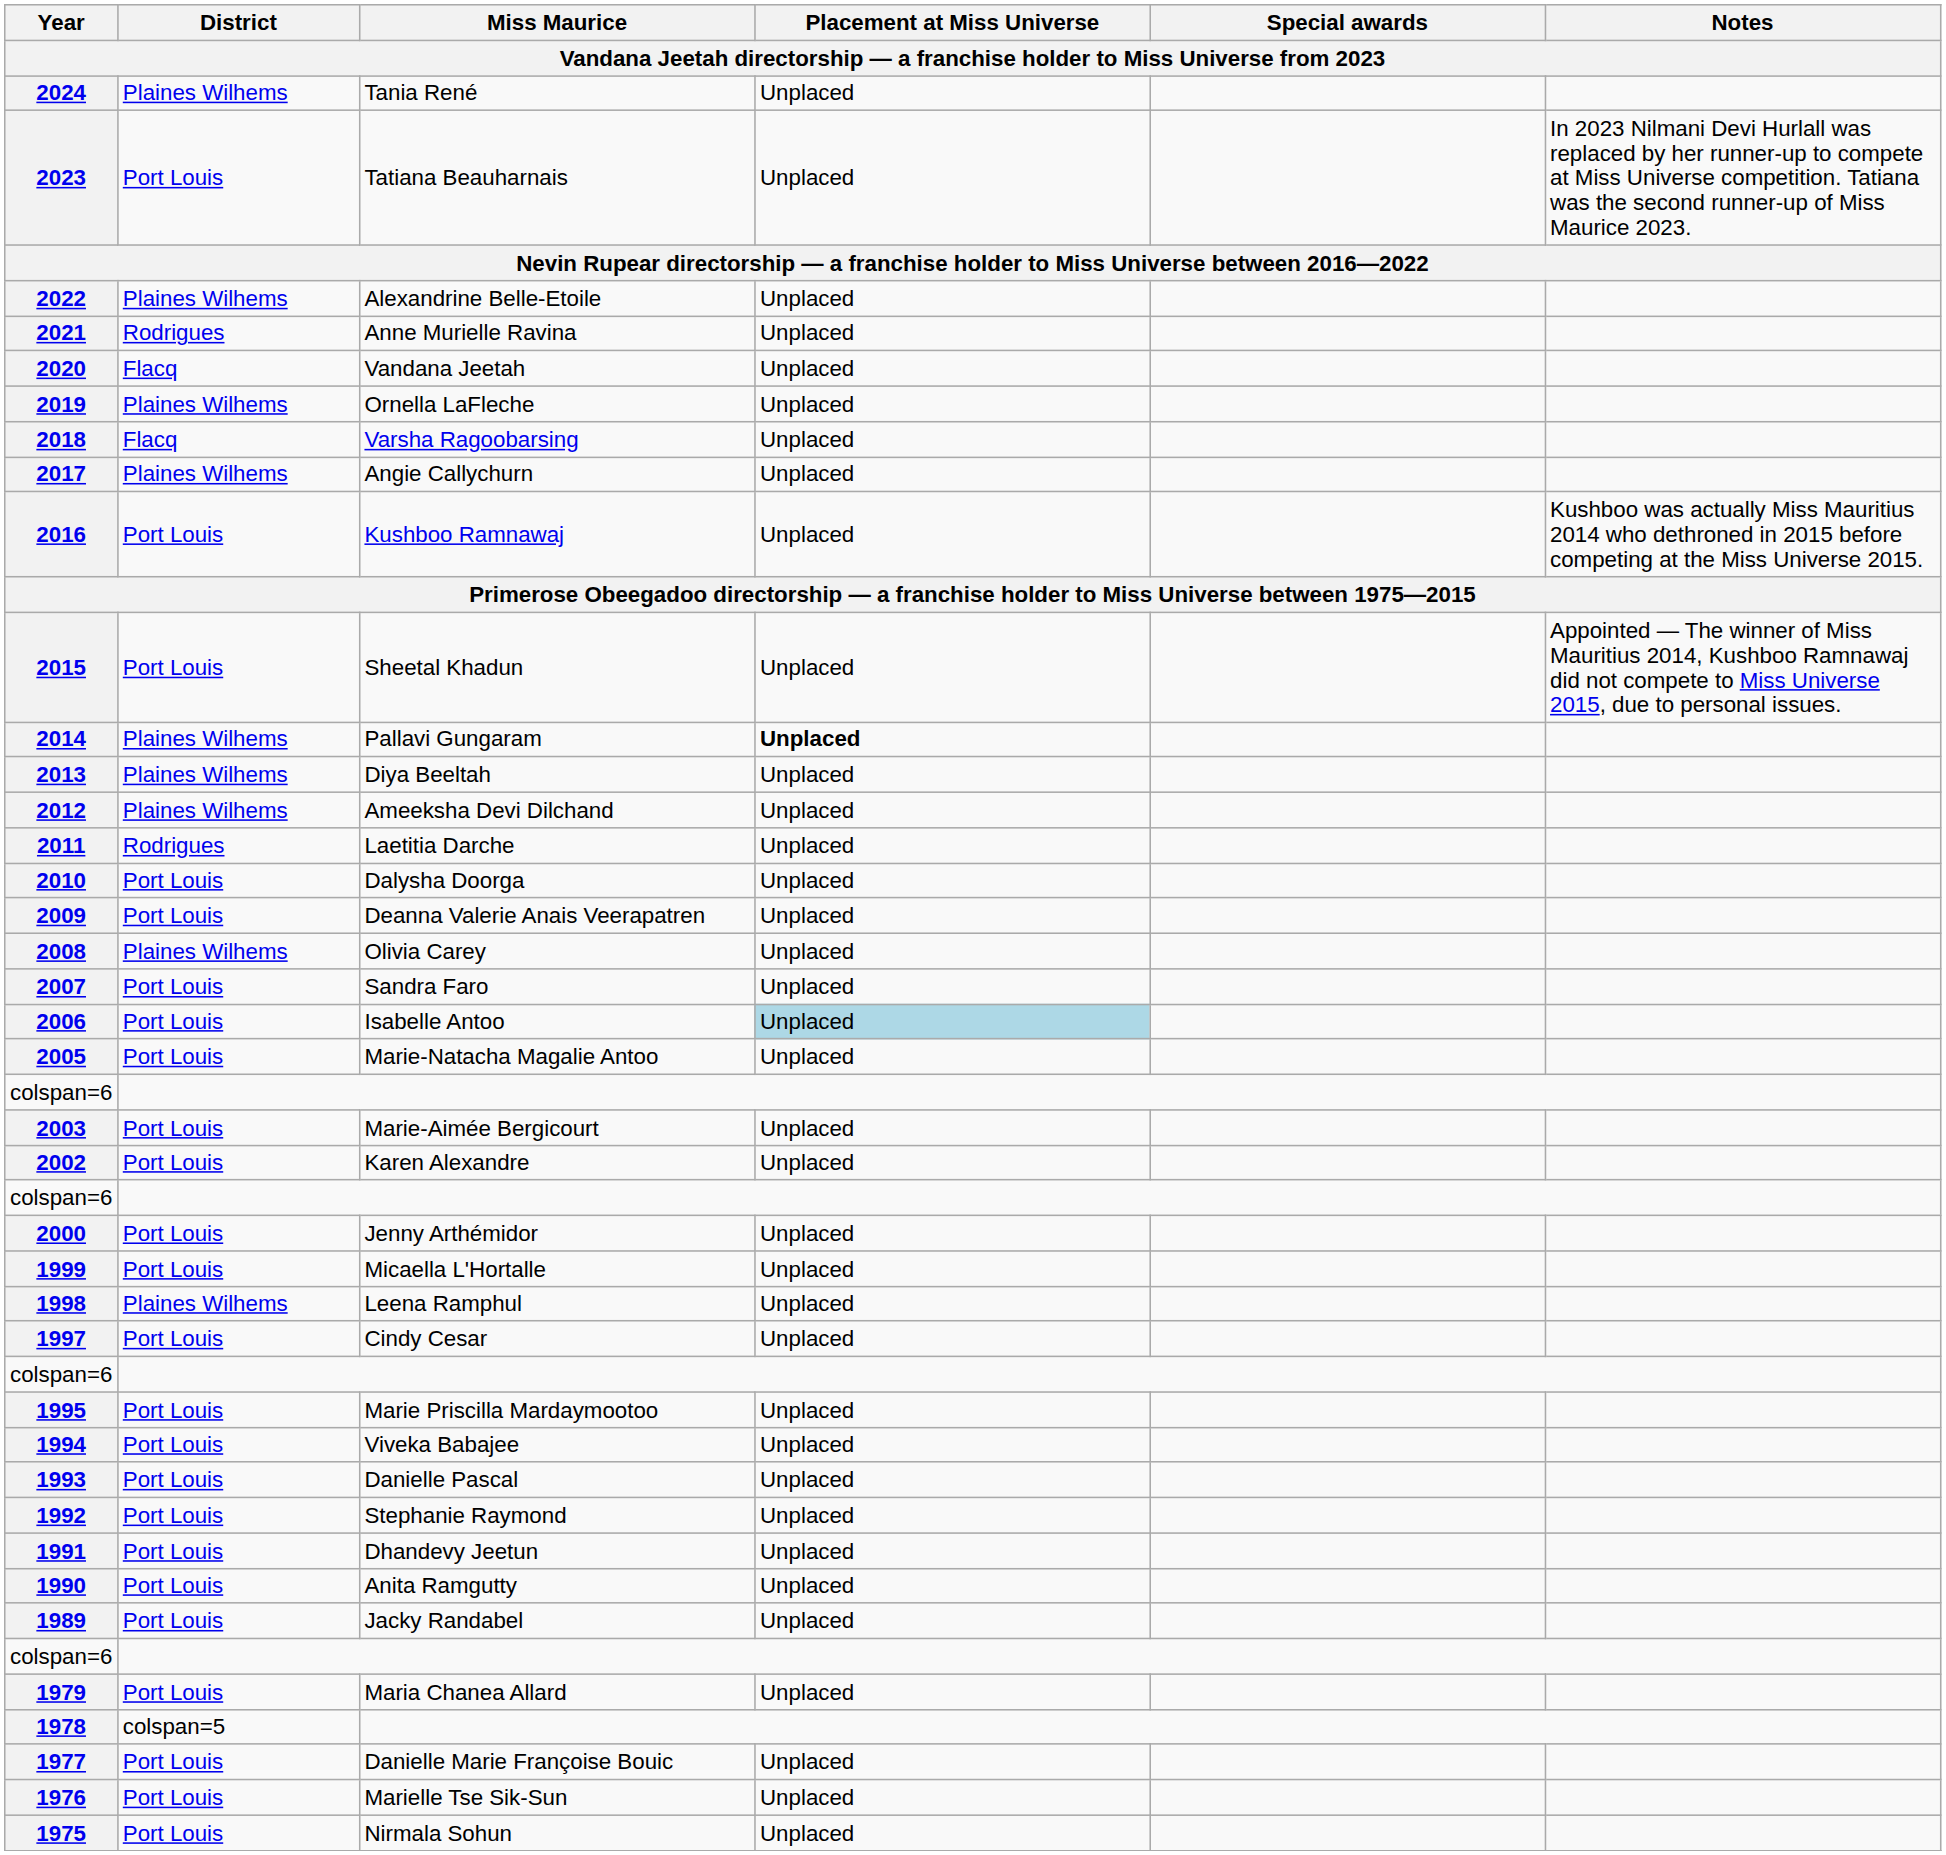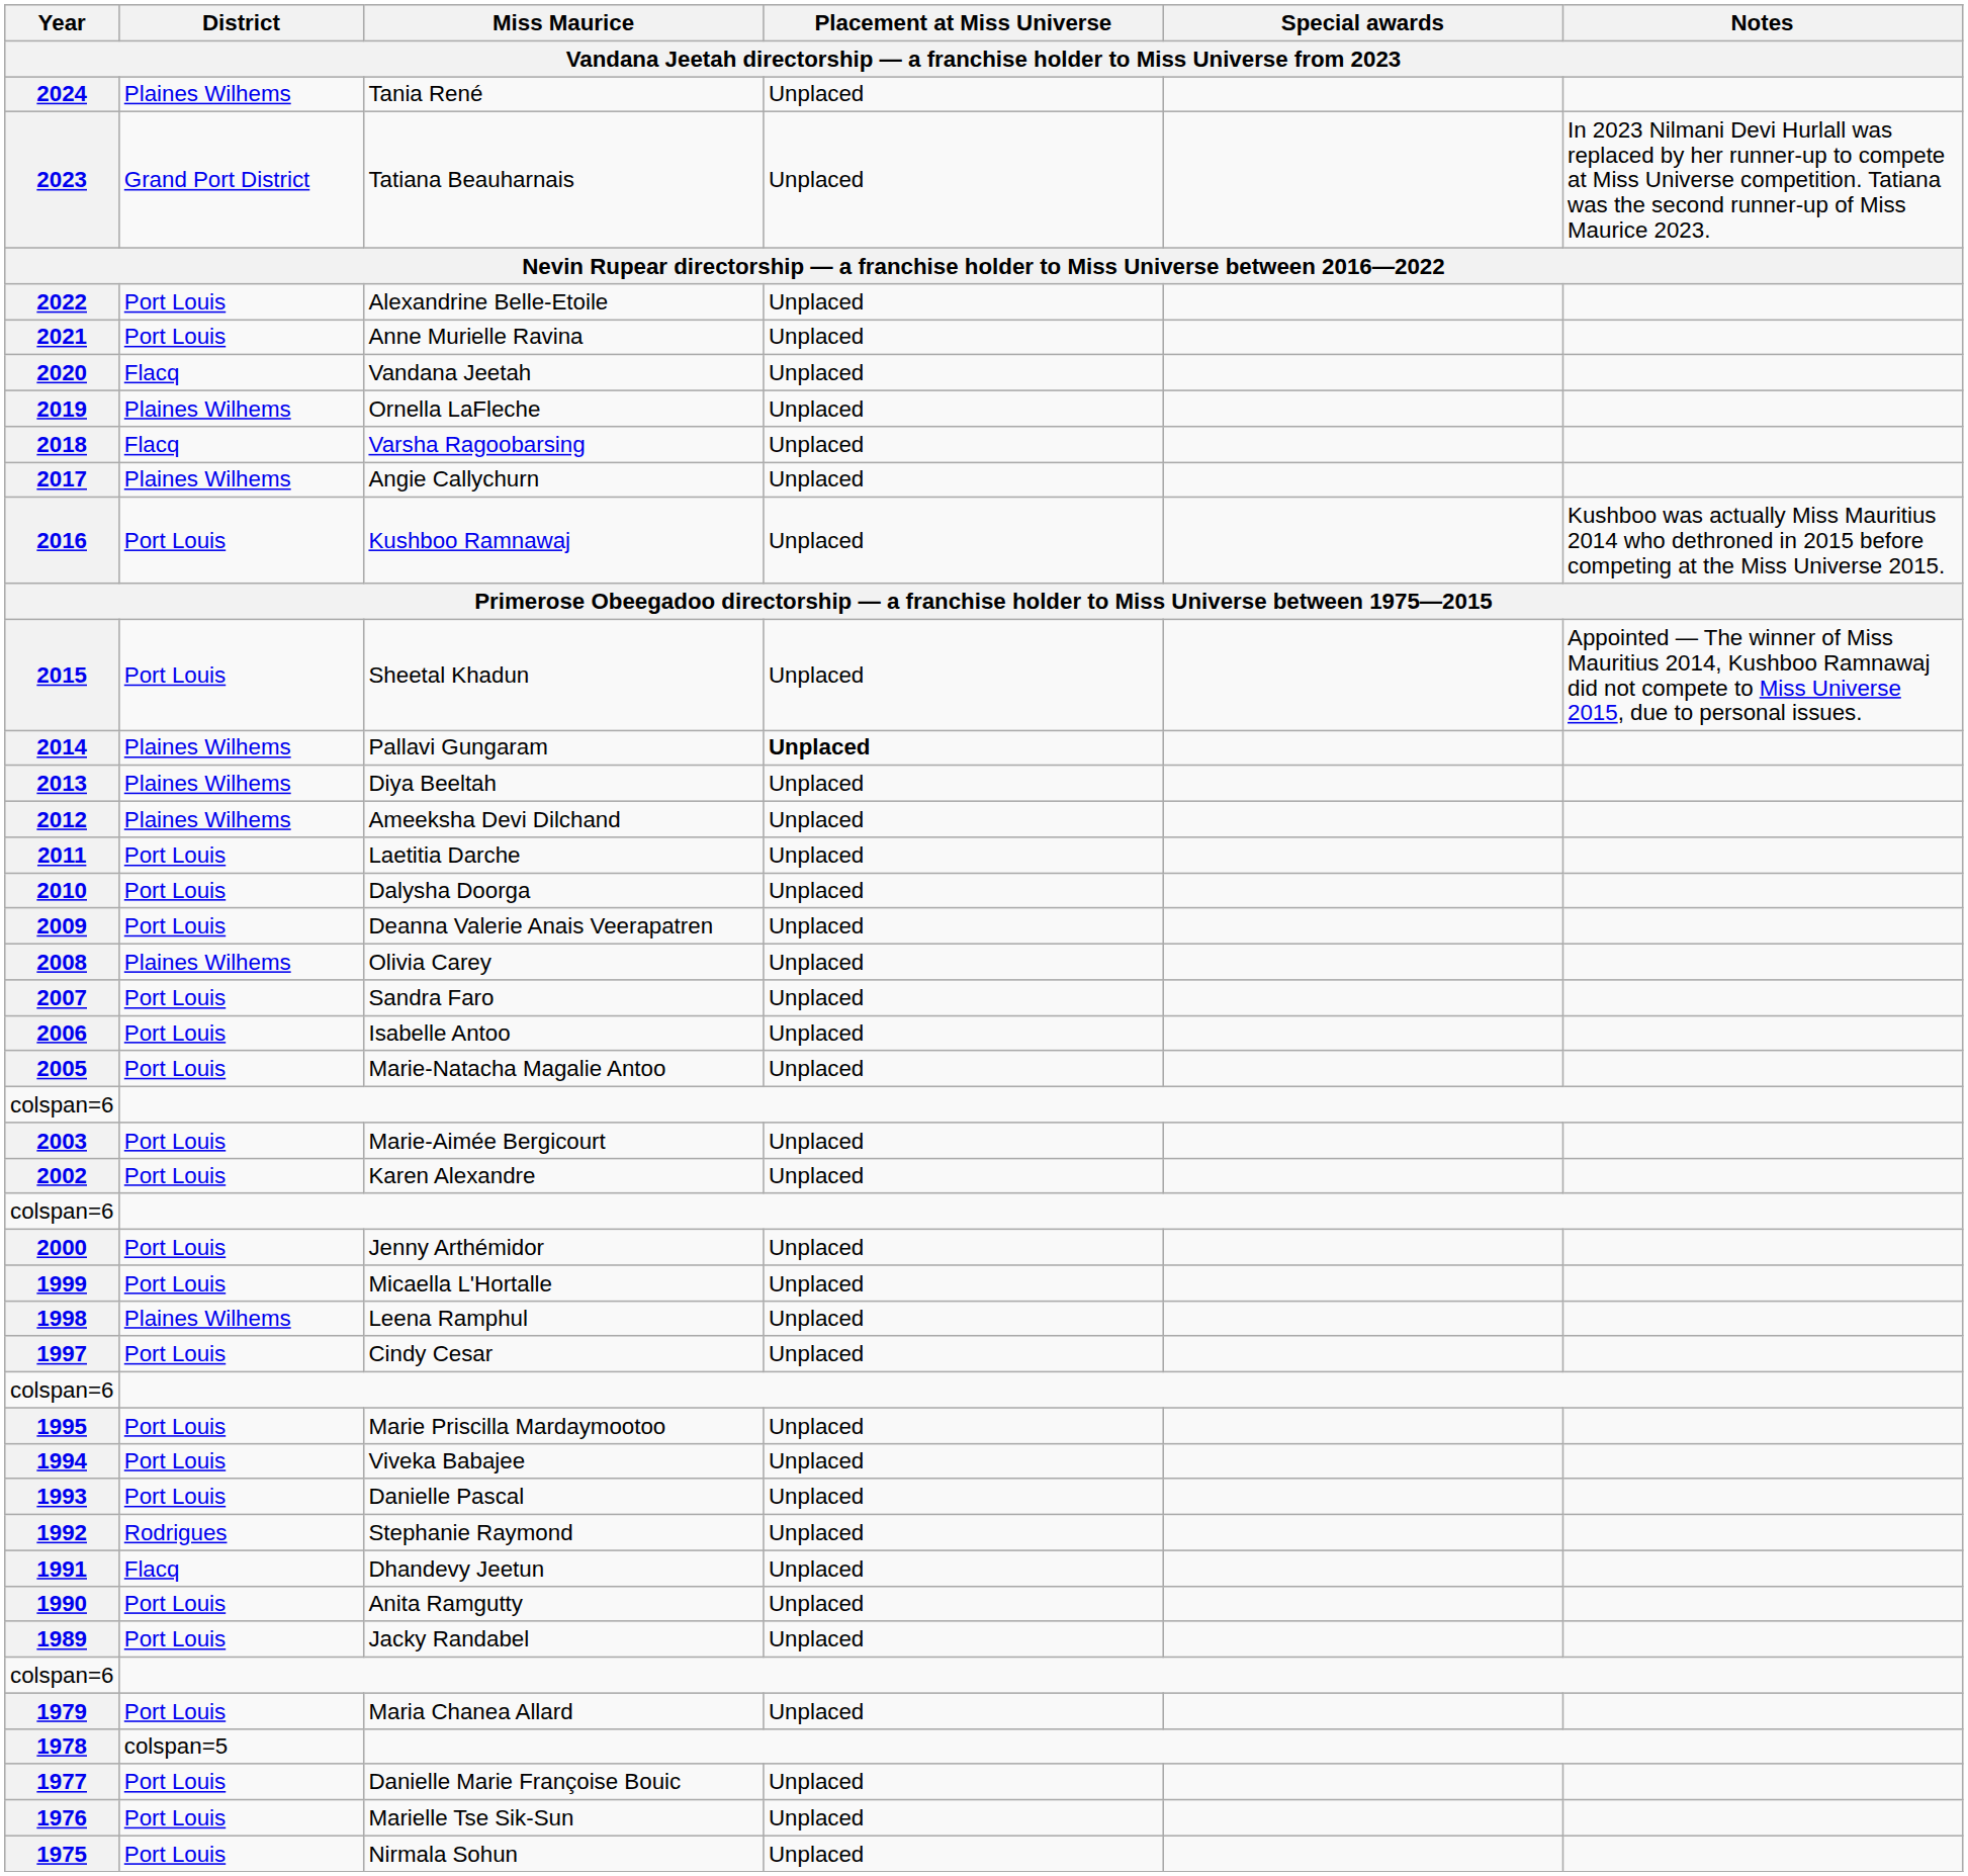 <table class="wikitable " style="font-size: 90%;">
 <tr>
 <th width="60">Year</th>
 <th width="150">District</th>
 <th width="250">Miss Maurice</th>
 <th width="250">Placement at Miss Universe</th>
 <th width="250">Special awards</th>
 <th width="250">Notes</th>
 </tr>
 <tr>
 <th colspan="6">Vandana Jeetah directorship — a franchise holder to Miss Universe from 2023</th>
 </tr>
 <tr>
 <th><a href='#'>2024</a></th>
 <td><a href='#'>Plaines Wilhems</a></td>
 <td>Tania René</td>
 <td>Unplaced</td>
 <td></td>
 <td></td>
 </tr>
 <tr>
 <th><a href='#'>2023</a></th>
-<td><a href='#'>Port Louis</a></td>
+<td><a href='#'>Grand Port District</a></td>
 <td>Tatiana Beauharnais</td>
 <td>Unplaced</td>
 <td></td>
 <td>In 2023 Nilmani Devi Hurlall was replaced by her runner-up to compete at Miss Universe competition. Tatiana was the second runner-up of Miss Maurice 2023.</td>
 </tr>
 <tr>
 <th colspan="6">Nevin Rupear directorship — a franchise holder to Miss Universe between 2016―2022</th>
 </tr>
 <tr>
 <th><a href='#'>2022</a></th>
-<td><a href='#'>Plaines Wilhems</a></td>
+<td><a href='#'>Port Louis</a></td>
 <td>Alexandrine Belle-Etoile</td>
 <td>Unplaced</td>
 <td></td>
 <td></td>
 </tr>
 <tr>
 <th><a href='#'>2021</a></th>
-<td><a href='#'>Rodrigues</a></td>
+<td><a href='#'>Port Louis</a></td>
 <td>Anne Murielle Ravina</td>
 <td>Unplaced</td>
 <td></td>
 <td></td>
 </tr>
 <tr>
 <th><a href='#'>2020</a></th>
 <td><a href='#'>Flacq</a></td>
 <td>Vandana Jeetah</td>
 <td>Unplaced</td>
 <td></td>
 <td></td>
 </tr>
 <tr>
 <th><a href='#'>2019</a></th>
 <td><a href='#'>Plaines Wilhems</a></td>
 <td>Ornella LaFleche</td>
 <td>Unplaced</td>
 <td></td>
 <td></td>
 </tr>
 <tr>
 <th><a href='#'>2018</a></th>
 <td><a href='#'>Flacq</a></td>
 <td><a href='#'>Varsha Ragoobarsing</a></td>
 <td>Unplaced</td>
 <td></td>
 <td></td>
 </tr>
 <tr>
 <th><a href='#'>2017</a></th>
 <td><a href='#'>Plaines Wilhems</a></td>
 <td>Angie Callychurn</td>
 <td>Unplaced</td>
 <td></td>
 <td></td>
 </tr>
 <tr>
 <th><a href='#'>2016</a></th>
 <td><a href='#'>Port Louis</a></td>
 <td><a href='#'>Kushboo Ramnawaj</a></td>
 <td>Unplaced</td>
 <td></td>
 <td>Kushboo was actually Miss Mauritius 2014 who dethroned in 2015 before competing at the Miss Universe 2015.</td>
 </tr>
 <tr>
 <th colspan="6">Primerose Obeegadoo directorship — a franchise holder to Miss Universe between 1975―2015</th>
 </tr>
 <tr>
 <th><a href='#'>2015</a></th>
 <td><a href='#'>Port Louis</a></td>
 <td>Sheetal Khadun</td>
 <td>Unplaced</td>
 <td></td>
 <td>Appointed — The winner of Miss Mauritius 2014, Kushboo Ramnawaj did not compete to <a href='#'>Miss Universe 2015</a>, due to personal issues.</td>
 </tr>
 <tr>
 <th><a href='#'>2014</a></th>
 <td><a href='#'>Plaines Wilhems</a></td>
 <td>Pallavi Gungaram</td>
 <td><strong>Unplaced</strong></td>
 <td></td>
 <td></td>
 </tr>
 <tr>
 <th><a href='#'>2013</a></th>
 <td><a href='#'>Plaines Wilhems</a></td>
 <td>Diya Beeltah</td>
 <td>Unplaced</td>
 <td></td>
 <td></td>
 </tr>
 <tr>
 <th><a href='#'>2012</a></th>
 <td><a href='#'>Plaines Wilhems</a></td>
 <td>Ameeksha Devi Dilchand</td>
 <td>Unplaced</td>
 <td></td>
 <td></td>
 </tr>
 <tr>
 <th><a href='#'>2011</a></th>
-<td><a href='#'>Rodrigues</a></td>
+<td><a href='#'>Port Louis</a></td>
 <td>Laetitia Darche</td>
 <td>Unplaced</td>
 <td></td>
 <td></td>
 </tr>
 <tr>
 <th><a href='#'>2010</a></th>
 <td><a href='#'>Port Louis</a></td>
 <td>Dalysha Doorga</td>
 <td>Unplaced</td>
 <td></td>
 <td></td>
 </tr>
 <tr>
 <th><a href='#'>2009</a></th>
 <td><a href='#'>Port Louis</a></td>
 <td>Deanna Valerie Anais Veerapatren</td>
 <td>Unplaced</td>
 <td></td>
 <td></td>
 </tr>
 <tr>
 <th><a href='#'>2008</a></th>
 <td><a href='#'>Plaines Wilhems</a></td>
 <td>Olivia Carey</td>
 <td>Unplaced</td>
 <td></td>
 <td></td>
 </tr>
 <tr>
 <th><a href='#'>2007</a></th>
 <td><a href='#'>Port Louis</a></td>
 <td>Sandra Faro</td>
 <td>Unplaced</td>
 <td></td>
 <td></td>
 </tr>
 <tr>
 <th><a href='#'>2006</a></th>
 <td><a href='#'>Port Louis</a></td>
 <td>Isabelle Antoo</td>
-<td style="background: lightblue;">Unplaced</td>
+<td>Unplaced</td>
 <td></td>
 <td></td>
 </tr>
 <tr>
 <th><a href='#'>2005</a></th>
 <td><a href='#'>Port Louis</a></td>
 <td>Marie-Natacha Magalie Antoo</td>
 <td>Unplaced</td>
 <td></td>
 <td></td>
 </tr>
 <tr>
 <td>colspan=6 </td>
 </tr>
 <tr>
 <th><a href='#'>2003</a></th>
 <td><a href='#'>Port Louis</a></td>
 <td>Marie-Aimée Bergicourt</td>
 <td>Unplaced</td>
 <td></td>
 <td></td>
 </tr>
 <tr>
 <th><a href='#'>2002</a></th>
 <td><a href='#'>Port Louis</a></td>
 <td>Karen Alexandre</td>
 <td>Unplaced</td>
 <td></td>
 <td></td>
 </tr>
 <tr>
 <td>colspan=6 </td>
 </tr>
 <tr>
 <th><a href='#'>2000</a></th>
 <td><a href='#'>Port Louis</a></td>
 <td>Jenny Arthémidor</td>
 <td>Unplaced</td>
 <td></td>
 <td></td>
 </tr>
 <tr>
 <th><a href='#'>1999</a></th>
 <td><a href='#'>Port Louis</a></td>
 <td>Micaella L'Hortalle</td>
 <td>Unplaced</td>
 <td></td>
 <td></td>
 </tr>
 <tr>
 <th><a href='#'>1998</a></th>
 <td><a href='#'>Plaines Wilhems</a></td>
 <td>Leena Ramphul</td>
 <td>Unplaced</td>
 <td></td>
 <td></td>
 </tr>
 <tr>
 <th><a href='#'>1997</a></th>
 <td><a href='#'>Port Louis</a></td>
 <td>Cindy Cesar</td>
 <td>Unplaced</td>
 <td></td>
 <td></td>
 </tr>
 <tr>
 <td>colspan=6 </td>
 </tr>
 <tr>
 <th><a href='#'>1995</a></th>
 <td><a href='#'>Port Louis</a></td>
 <td>Marie Priscilla Mardaymootoo</td>
 <td>Unplaced</td>
 <td></td>
 <td></td>
 </tr>
 <tr>
 <th><a href='#'>1994</a></th>
 <td><a href='#'>Port Louis</a></td>
 <td>Viveka Babajee</td>
 <td>Unplaced</td>
 <td></td>
 <td></td>
 </tr>
 <tr>
 <th><a href='#'>1993</a></th>
 <td><a href='#'>Port Louis</a></td>
 <td>Danielle Pascal</td>
 <td>Unplaced</td>
 <td></td>
 <td></td>
 </tr>
 <tr>
 <th><a href='#'>1992</a></th>
-<td><a href='#'>Port Louis</a></td>
+<td><a href='#'>Rodrigues</a></td>
 <td>Stephanie Raymond</td>
 <td>Unplaced</td>
 <td></td>
 <td></td>
 </tr>
 <tr>
 <th><a href='#'>1991</a></th>
-<td><a href='#'>Port Louis</a></td>
+<td><a href='#'>Flacq</a></td>
 <td>Dhandevy Jeetun</td>
 <td>Unplaced</td>
 <td></td>
 <td></td>
 </tr>
 <tr>
 <th><a href='#'>1990</a></th>
 <td><a href='#'>Port Louis</a></td>
 <td>Anita Ramgutty</td>
 <td>Unplaced</td>
 <td></td>
 <td></td>
 </tr>
 <tr>
 <th><a href='#'>1989</a></th>
 <td><a href='#'>Port Louis</a></td>
 <td>Jacky Randabel</td>
 <td>Unplaced</td>
 <td></td>
 <td></td>
 </tr>
 <tr>
 <td>colspan=6 </td>
 </tr>
 <tr>
 <th><a href='#'>1979</a></th>
 <td><a href='#'>Port Louis</a></td>
 <td>Maria Chanea Allard</td>
 <td>Unplaced</td>
 <td></td>
 <td></td>
 </tr>
 <tr>
 <th><a href='#'>1978</a></th>
 <td>colspan=5 </td>
 </tr>
 <tr>
 <th><a href='#'>1977</a></th>
 <td><a href='#'>Port Louis</a></td>
 <td>Danielle Marie Françoise Bouic</td>
 <td>Unplaced</td>
 <td></td>
 <td></td>
 </tr>
 <tr>
 <th><a href='#'>1976</a></th>
 <td><a href='#'>Port Louis</a></td>
 <td>Marielle Tse Sik-Sun</td>
 <td>Unplaced</td>
 <td></td>
 <td></td>
 </tr>
 <tr>
 <th><a href='#'>1975</a></th>
 <td><a href='#'>Port Louis</a></td>
 <td>Nirmala Sohun</td>
 <td>Unplaced</td>
 <td></td>
 <td></td>
 </tr>
 <tr>
 </tr>
 </table>
